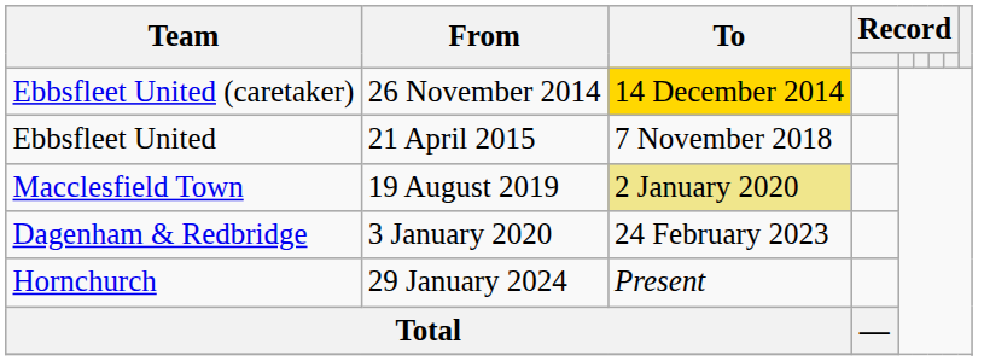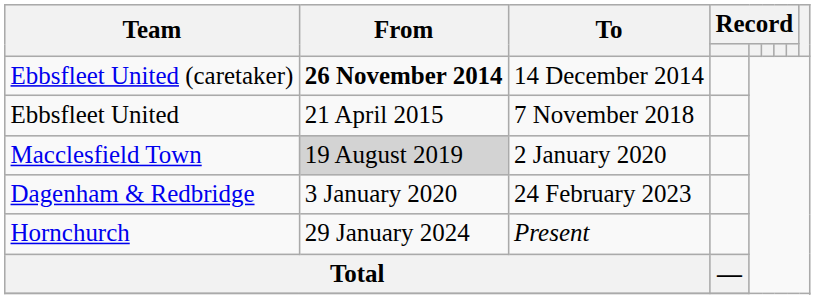 <table class=wikitable style="text-align: center">
 <tr>
 <th rowspan=2>Team</th>
 <th rowspan=2>From</th>
 <th rowspan=2>To</th>
 <th colspan=5>Record</th>
 <th rowspan=2></th>
 </tr>
 <tr>
 <th></th>
 <th></th>
 <th></th>
 <th></th>
 <th></th>
 </tr>
 <tr>
 <td align=left><a href='#'>Ebbsfleet United</a> (caretaker)</td>
-<td align=left>26 November 2014</td>
-<td align=left style="background: gold;">14 December 2014<br></td>
+<td align=left><strong>26 November 2014</strong></td>
+<td align=left>14 December 2014<br></td>
 <td></td>
 </tr>
 <tr>
 <td align=left>Ebbsfleet United</td>
 <td align=left>21 April 2015</td>
 <td align=left>7 November 2018<br></td>
 <td></td>
 </tr>
 <tr>
 <td align=left><a href='#'>Macclesfield Town</a></td>
-<td align=left>19 August 2019</td>
-<td align=left style="background: khaki;">2 January 2020<br></td>
+<td align=left style="background: lightgrey;">19 August 2019</td>
+<td align=left>2 January 2020<br></td>
 <td></td>
 </tr>
 <tr>
 <td align=left><a href='#'>Dagenham & Redbridge</a></td>
 <td align=left>3 January 2020</td>
 <td align=left>24 February 2023<br></td>
 <td></td>
 </tr>
 <tr>
 <td align=left><a href='#'>Hornchurch</a></td>
 <td align=left>29 January 2024</td>
 <td align=left><em>Present</em><br></td>
 <td></td>
 </tr>
 <tr>
 <th colspan=3>Total<br></th>
 <th>—</th>
 </tr>
 <tr>
 </tr>
 </table>
